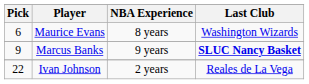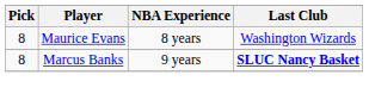 <table class="wikitable sortable sortable">
 <tr>
 </tr>
 <tr style="text-align: center">
 <th>Pick</th>
 <th>Player</th>
 <th>NBA Experience</th>
 <th>Last Club</th>
 </tr>
 <tr style="text-align: center">
-<td>6</td>
+<td>8</td>
 <td><a href='#'>Maurice Evans</a></td>
 <td>8 years</td>
 <td> <a href='#'>Washington Wizards</a></td>
 </tr>
 <tr>
 </tr>
 <tr style="text-align: center">
-<td>9</td>
+<td>8</td>
 <td><a href='#'>Marcus Banks</a></td>
 <td>9 years</td>
 <td><strong> <a href='#'>SLUC Nancy Basket</a></strong></td>
 </tr>
 <tr>
 </tr>
-<tr style="text-align: center">
-<td>22</td>
-<td><a href='#'>Ivan Johnson</a></td>
-<td>2 years</td>
-<td> <a href='#'>Reales de La Vega</a></td>
-</tr>
 </table>
